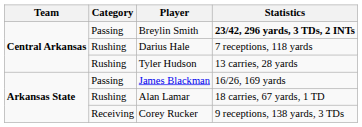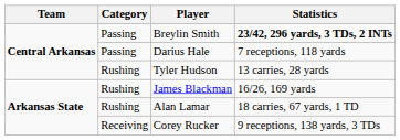 <table class="wikitable" style="float: left;">
 <tr>
 <th>Team</th>
 <th>Category</th>
 <th>Player</th>
 <th>Statistics</th>
 </tr>
 <tr>
 <td rowspan=3><strong>Central Arkansas</strong></td>
 <td>Passing</td>
 <td>Breylin Smith</td>
 <td><strong>23/42, 296 yards, 3 TDs, 2 INTs</strong></td>
 </tr>
 <tr>
-<td>Rushing</td>
+<td>Passing</td>
 <td>Darius Hale</td>
 <td>7 receptions, 118 yards</td>
 </tr>
 <tr>
 <td>Rushing</td>
 <td>Tyler Hudson</td>
 <td>13 carries, 28 yards</td>
 </tr>
 <tr>
 <td rowspan=3><strong>Arkansas State</strong></td>
-<td>Passing</td>
+<td>Rushing</td>
 <td><a href='#'>James Blackman</a></td>
 <td>16/26, 169 yards</td>
 </tr>
 <tr>
 <td>Rushing</td>
 <td>Alan Lamar</td>
 <td>18 carries, 67 yards, 1 TD</td>
 </tr>
 <tr>
 <td>Receiving</td>
 <td>Corey Rucker</td>
 <td>9 receptions, 138 yards, 3 TDs</td>
 </tr>
 </table>
